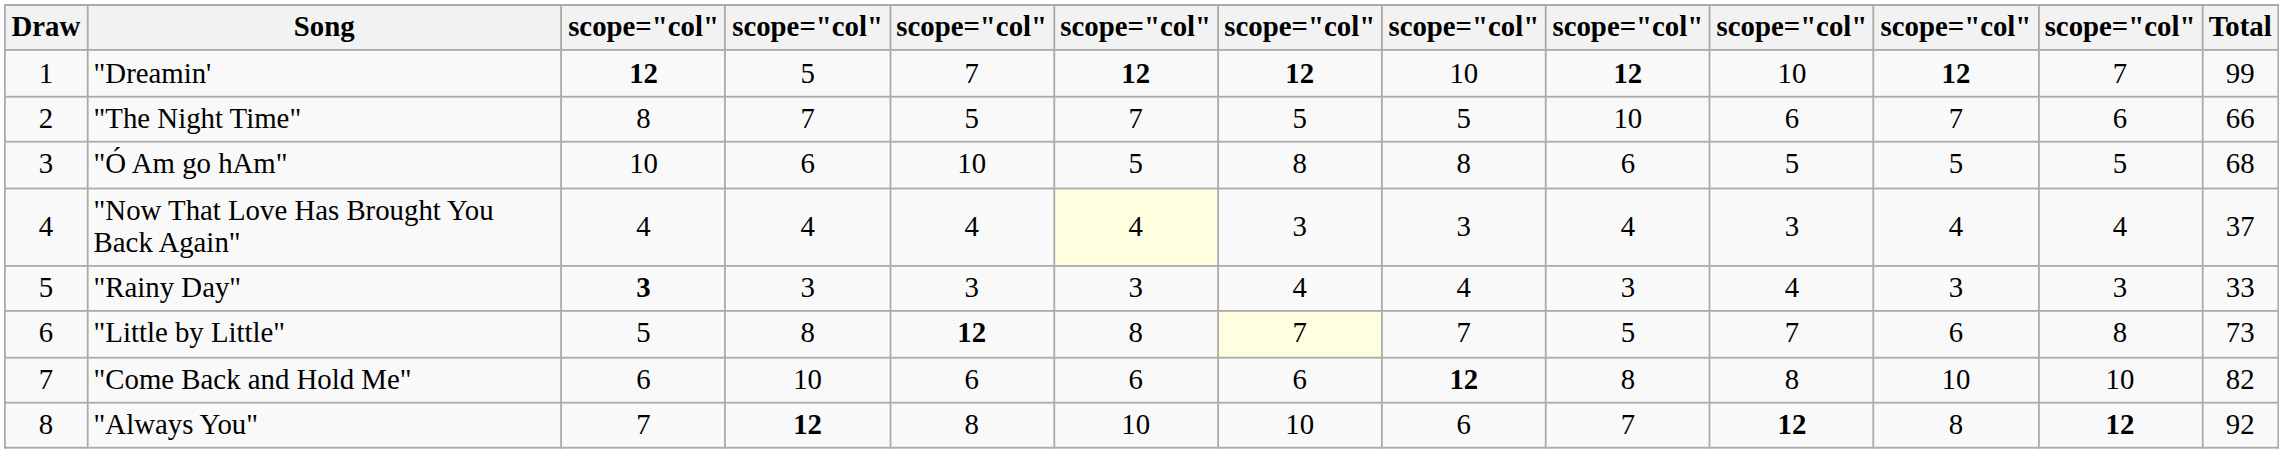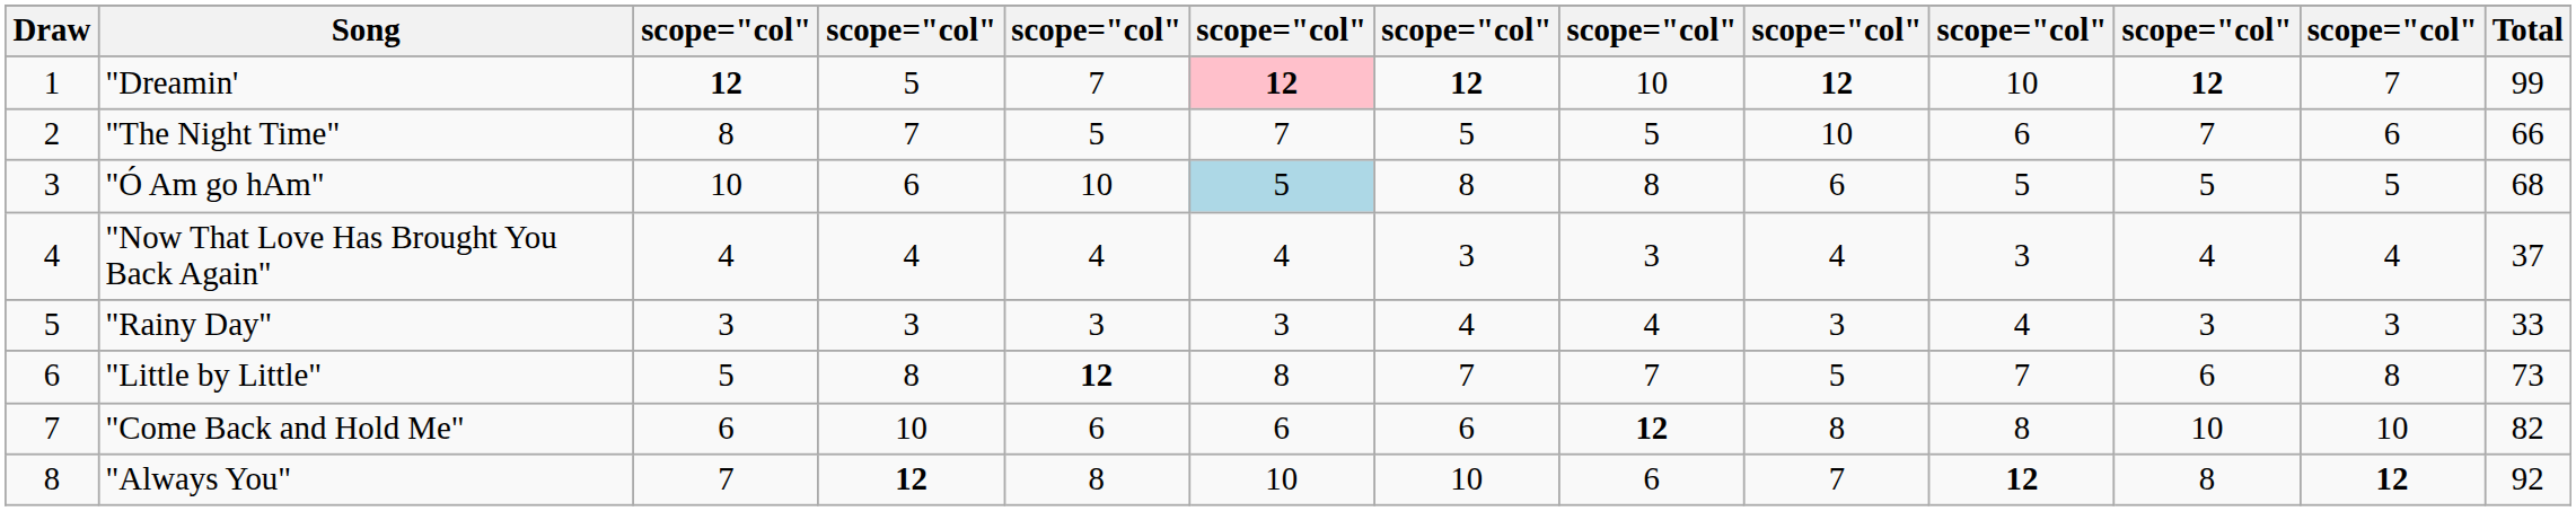 <table class="wikitable plainrowheaders" style="margin: 1em auto 1em auto; text-align:center;">
 <tr>
 </tr>
 <tr --->
 <th scope="col">Draw</th>
 <th scope="col">Song</th>
 <th>scope="col" </th>
 <th>scope="col" </th>
 <th>scope="col" </th>
 <th>scope="col" </th>
 <th>scope="col" </th>
 <th>scope="col" </th>
 <th>scope="col" </th>
 <th>scope="col" </th>
 <th>scope="col" </th>
 <th>scope="col" </th>
 <th scope="col">Total</th>
 </tr>
 <tr --->
 <td>1</td>
 <td align="left">"Dreamin'</td>
 <td><strong>12</strong></td>
 <td>5</td>
 <td>7</td>
-<td><strong>12</strong></td>
+<td style="background: pink;"><strong>12</strong></td>
 <td><strong>12</strong></td>
 <td>10</td>
 <td><strong>12</strong></td>
 <td>10</td>
 <td><strong>12</strong></td>
 <td>7</td>
 <td>99</td>
 </tr>
 <tr --->
 <td>2</td>
 <td align="left">"The Night Time"</td>
 <td>8</td>
 <td>7</td>
 <td>5</td>
 <td>7</td>
 <td>5</td>
 <td>5</td>
 <td>10</td>
 <td>6</td>
 <td>7</td>
 <td>6</td>
 <td>66</td>
 </tr>
 <tr --->
 <td>3</td>
 <td align="left">"Ó Am go hAm"</td>
 <td>10</td>
 <td>6</td>
 <td>10</td>
-<td>5</td>
+<td style="background: lightblue;">5</td>
 <td>8</td>
 <td>8</td>
 <td>6</td>
 <td>5</td>
 <td>5</td>
 <td>5</td>
 <td>68</td>
 </tr>
 <tr --->
 <td>4</td>
 <td align="left">"Now That Love Has Brought You Back Again"</td>
 <td>4</td>
 <td>4</td>
 <td>4</td>
-<td style="background: lightyellow;">4</td>
+<td>4</td>
 <td>3</td>
 <td>3</td>
 <td>4</td>
 <td>3</td>
 <td>4</td>
 <td>4</td>
 <td>37</td>
 </tr>
 <tr --->
 <td>5</td>
 <td align="left">"Rainy Day"</td>
-<td><strong>3</strong></td>
+<td>3</td>
 <td>3</td>
 <td>3</td>
 <td>3</td>
 <td>4</td>
 <td>4</td>
 <td>3</td>
 <td>4</td>
 <td>3</td>
 <td>3</td>
 <td>33</td>
 </tr>
 <tr --->
 <td>6</td>
 <td align="left">"Little by Little"</td>
 <td>5</td>
 <td>8</td>
 <td><strong>12</strong></td>
 <td>8</td>
-<td style="background: lightyellow;">7</td>
+<td>7</td>
 <td>7</td>
 <td>5</td>
 <td>7</td>
 <td>6</td>
 <td>8</td>
 <td>73</td>
 </tr>
 <tr --->
 <td>7</td>
 <td align="left">"Come Back and Hold Me"</td>
 <td>6</td>
 <td>10</td>
 <td>6</td>
 <td>6</td>
 <td>6</td>
 <td><strong>12</strong></td>
 <td>8</td>
 <td>8</td>
 <td>10</td>
 <td>10</td>
 <td>82</td>
 </tr>
 <tr --->
 <td>8</td>
 <td align="left">"Always You"</td>
 <td>7</td>
 <td><strong>12</strong></td>
 <td>8</td>
 <td>10</td>
 <td>10</td>
 <td>6</td>
 <td>7</td>
 <td><strong>12</strong></td>
 <td>8</td>
 <td><strong>12</strong></td>
 <td>92</td>
 </tr>
 </table>
